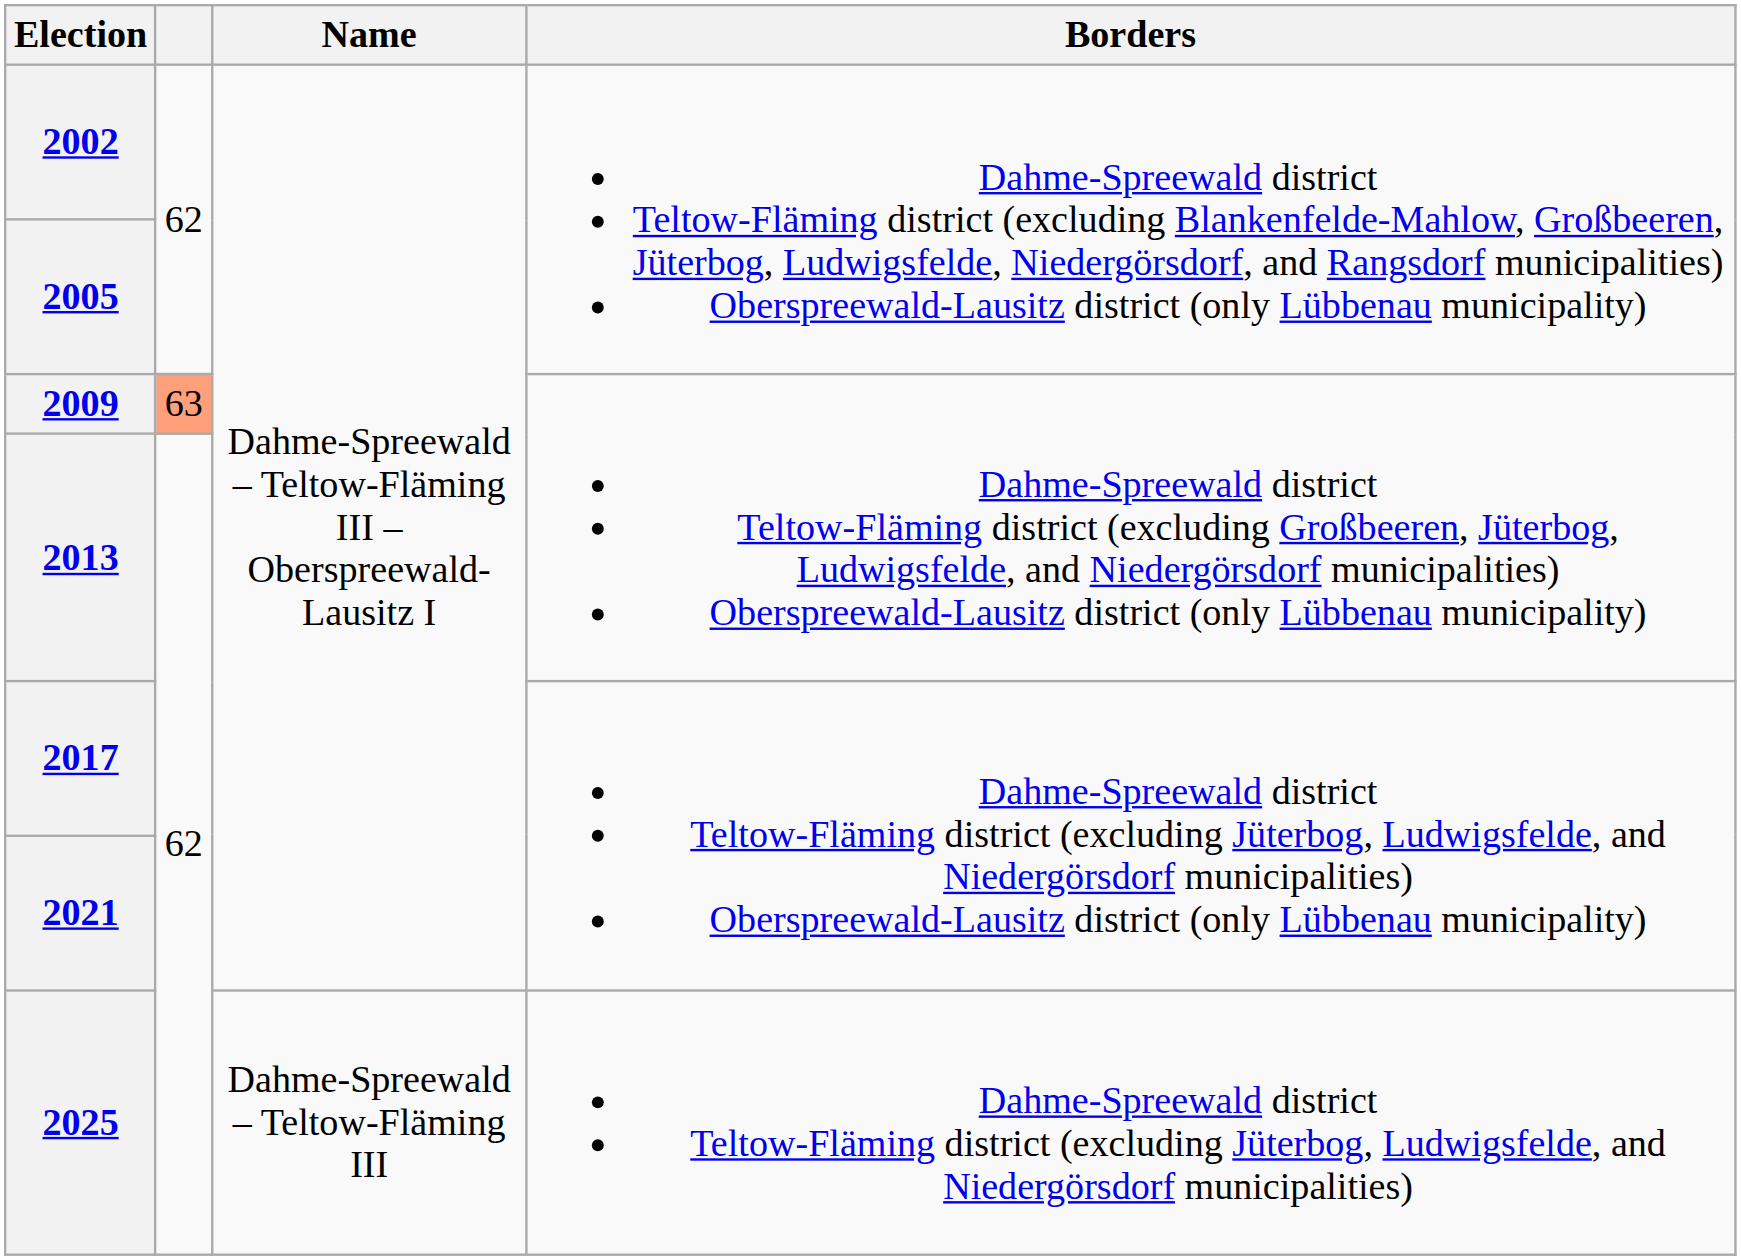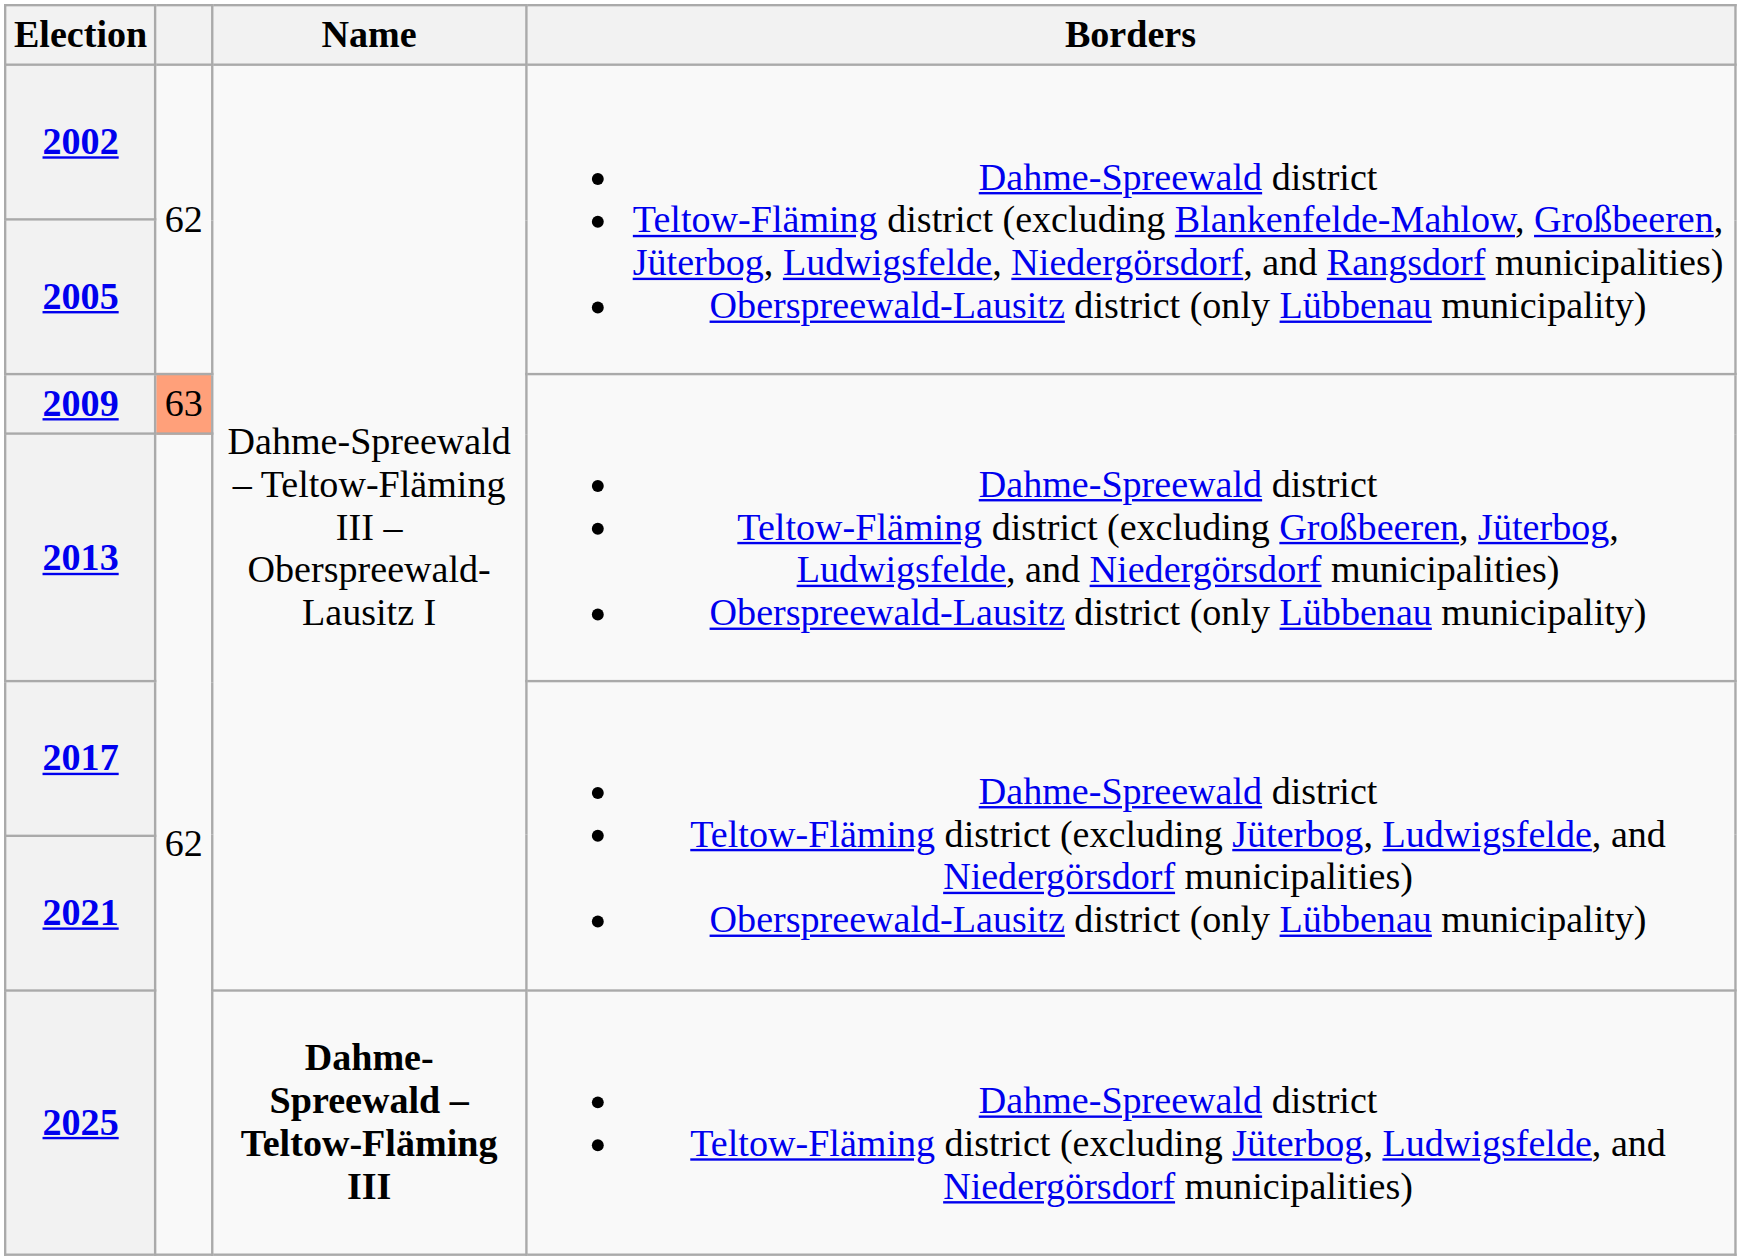 <table class=wikitable style="text-align:center">
 <tr>
 <th>Election</th>
 <th></th>
 <th width=125px>Name</th>
 <th width=500px>Borders</th>
 </tr>
 <tr>
 <th><a href='#'>2002</a></th>
 <td rowspan=2>62</td>
 <td rowspan=6>Dahme-Spreewald – Teltow-Fläming III – Oberspreewald-Lausitz I</td>
 <td rowspan=2><br><ul><li><a href='#'>Dahme-Spreewald</a> district</li><li><a href='#'>Teltow-Fläming</a> district (excluding <a href='#'>Blankenfelde-Mahlow</a>, <a href='#'>Großbeeren</a>, <a href='#'>Jüterbog</a>, <a href='#'>Ludwigsfelde</a>, <a href='#'>Niedergörsdorf</a>, and <a href='#'>Rangsdorf</a> municipalities)</li><li><a href='#'>Oberspreewald-Lausitz</a> district (only <a href='#'>Lübbenau</a> municipality)</li></ul></td>
 </tr>
 <tr>
 <th><a href='#'>2005</a></th>
 </tr>
 <tr>
 <th><a href='#'>2009</a></th>
 <td style="background: lightsalmon;">63</td>
 <td rowspan=2><br><ul><li><a href='#'>Dahme-Spreewald</a> district</li><li><a href='#'>Teltow-Fläming</a> district (excluding <a href='#'>Großbeeren</a>, <a href='#'>Jüterbog</a>, <a href='#'>Ludwigsfelde</a>, and <a href='#'>Niedergörsdorf</a> municipalities)</li><li><a href='#'>Oberspreewald-Lausitz</a> district (only <a href='#'>Lübbenau</a> municipality)</li></ul></td>
 </tr>
 <tr>
 <th><a href='#'>2013</a></th>
 <td rowspan=4>62</td>
 </tr>
 <tr>
 <th><a href='#'>2017</a></th>
 <td rowspan=2><br><ul><li><a href='#'>Dahme-Spreewald</a> district</li><li><a href='#'>Teltow-Fläming</a> district (excluding <a href='#'>Jüterbog</a>, <a href='#'>Ludwigsfelde</a>, and <a href='#'>Niedergörsdorf</a> municipalities)</li><li><a href='#'>Oberspreewald-Lausitz</a> district (only <a href='#'>Lübbenau</a> municipality)</li></ul></td>
 </tr>
 <tr>
 <th><a href='#'>2021</a></th>
 </tr>
 <tr>
 <th><a href='#'>2025</a></th>
-<td>Dahme-Spreewald – Teltow-Fläming III</td>
+<td><strong>Dahme-Spreewald – Teltow-Fläming III</strong></td>
 <td><br><ul><li><a href='#'>Dahme-Spreewald</a> district</li><li><a href='#'>Teltow-Fläming</a> district (excluding <a href='#'>Jüterbog</a>, <a href='#'>Ludwigsfelde</a>, and <a href='#'>Niedergörsdorf</a> municipalities)</li></ul></td>
 </tr>
 </table>
